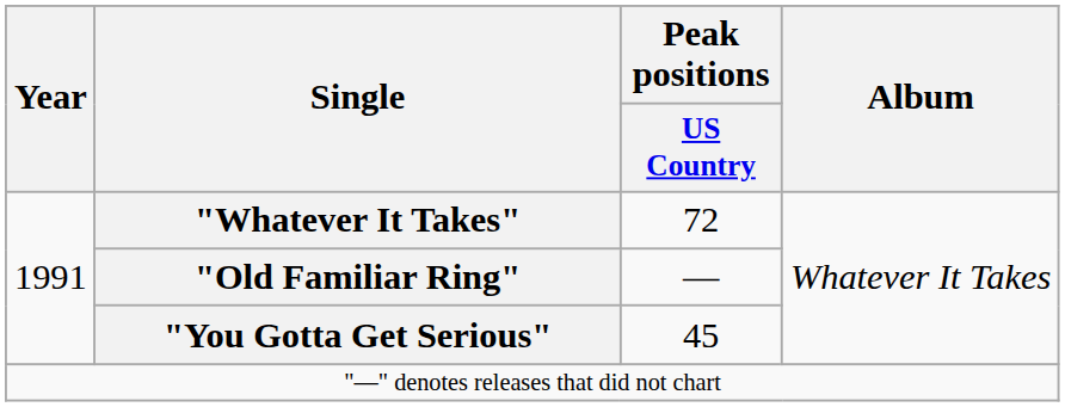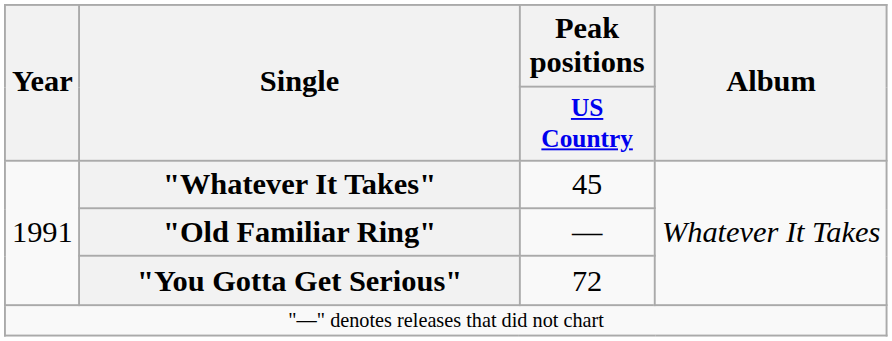 <table class="wikitable plainrowheaders" style="text-align:center;">
 <tr>
 <th rowspan="2">Year</th>
 <th rowspan="2" style="width:14em;">Single</th>
 <th>Peak positions</th>
 <th rowspan="2">Album</th>
 </tr>
 <tr style="font-size:smaller;">
 <th width="65"><a href='#'>US Country</a><br></th>
 </tr>
 <tr>
 <td rowspan="3">1991</td>
 <th scope="row">"Whatever It Takes"</th>
-<td>72</td>
+<td>45</td>
 <td align="left" rowspan="3"><em>Whatever It Takes</em></td>
 </tr>
 <tr>
 <th scope="row">"Old Familiar Ring"</th>
 <td>—</td>
 </tr>
 <tr>
 <th scope="row">"You Gotta Get Serious"</th>
-<td>45</td>
+<td>72</td>
 </tr>
 <tr>
 <td align="center" colspan="4" style="font-size:8pt">"—" denotes releases that did not chart</td>
 </tr>
 </table>
